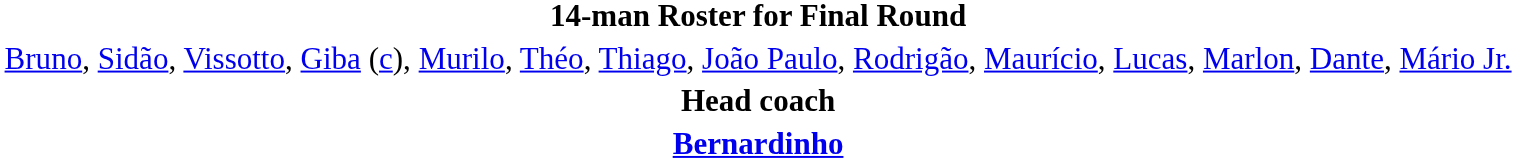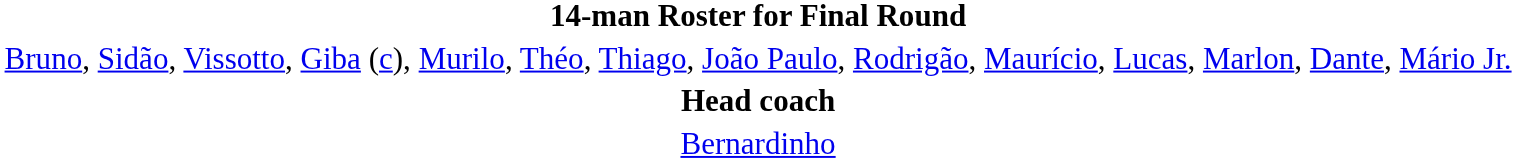 <table style="text-align: center; margin-top: 2em; margin-left: auto; margin-right: auto">
 <tr>
 <td><strong>14-man Roster for Final Round</strong></td>
 </tr>
 <tr>
 <td><a href='#'>Bruno</a>, <a href='#'>Sidão</a>, <a href='#'>Vissotto</a>, <a href='#'>Giba</a> (<a href='#'>c</a>), <a href='#'>Murilo</a>, <a href='#'>Théo</a>, <a href='#'>Thiago</a>, <a href='#'>João Paulo</a>, <a href='#'>Rodrigão</a>, <a href='#'>Maurício</a>, <a href='#'>Lucas</a>, <a href='#'>Marlon</a>, <a href='#'>Dante</a>, <a href='#'>Mário Jr.</a></td>
 </tr>
 <tr>
 <td><strong>Head coach</strong></td>
 </tr>
 <tr>
-<td><strong><a href='#'>Bernardinho</a></strong></td>
+<td><a href='#'>Bernardinho</a></td>
 </tr>
 </table>
